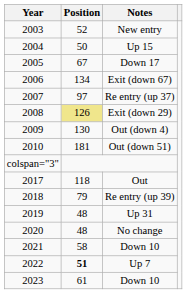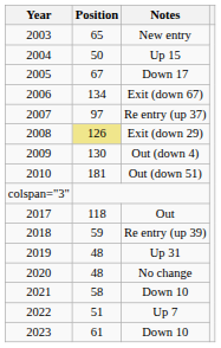 <table class="wikitable plainrowheaders" style="text-align:center;">
 <tr>
 <th>Year</th>
 <th>Position</th>
 <th>Notes</th>
 <th></th>
 </tr>
 <tr>
 <td>2003</td>
-<td>52</td>
+<td>65</td>
 <td>New entry</td>
 <td rowspan="16"></td>
 </tr>
 <tr>
 <td>2004</td>
 <td>50</td>
 <td>Up 15</td>
 </tr>
 <tr>
 <td>2005</td>
 <td>67</td>
 <td>Down 17</td>
 </tr>
 <tr>
 <td>2006</td>
 <td>134</td>
 <td>Exit (down 67)</td>
 </tr>
 <tr>
 <td>2007</td>
 <td>97</td>
 <td>Re entry (up 37)</td>
 </tr>
 <tr>
 <td>2008</td>
 <td style="background: khaki;">126</td>
 <td>Exit (down 29)</td>
 </tr>
 <tr>
 <td>2009</td>
 <td>130</td>
 <td>Out (down 4)</td>
 </tr>
 <tr>
 <td>2010</td>
 <td>181</td>
 <td>Out (down 51)</td>
 </tr>
 <tr>
 <td>colspan="3" </td>
 </tr>
 <tr>
 <td>2017</td>
 <td>118</td>
 <td>Out</td>
 </tr>
 <tr>
 <td>2018</td>
-<td>79</td>
+<td>59</td>
 <td>Re entry (up 39)</td>
 </tr>
 <tr>
 <td>2019</td>
 <td>48</td>
 <td>Up 31</td>
 </tr>
 <tr>
 <td>2020</td>
 <td>48</td>
 <td>No change</td>
 </tr>
 <tr>
 <td>2021</td>
 <td>58</td>
 <td>Down 10</td>
 </tr>
 <tr>
 <td>2022</td>
-<td><strong>51</strong></td>
+<td>51</td>
 <td>Up 7</td>
 </tr>
 <tr>
 <td>2023</td>
 <td>61</td>
 <td>Down 10</td>
 </tr>
 </table>
